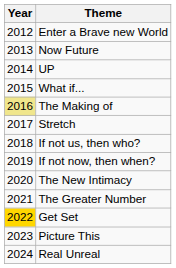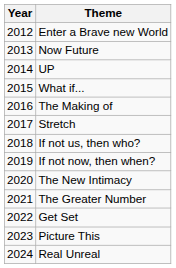 <table class="wikitable">
 <tr>
 <th>Year</th>
 <th>Theme</th>
 </tr>
 <tr>
 <td>2012</td>
 <td>Enter a Brave new World</td>
 </tr>
 <tr>
 <td>2013</td>
 <td>Now Future</td>
 </tr>
 <tr>
 <td>2014</td>
 <td>UP</td>
 </tr>
 <tr>
 <td>2015</td>
 <td>What if...</td>
 </tr>
 <tr>
-<td style="background: khaki;">2016</td>
+<td>2016</td>
 <td>The Making of</td>
 </tr>
 <tr>
 <td>2017</td>
 <td>Stretch</td>
 </tr>
 <tr>
 <td>2018</td>
 <td>If not us, then who?</td>
 </tr>
 <tr>
 <td>2019</td>
 <td>If not now, then when?</td>
 </tr>
 <tr>
 <td>2020</td>
 <td>The New Intimacy</td>
 </tr>
 <tr>
 <td>2021</td>
 <td>The Greater Number</td>
 </tr>
 <tr>
-<td style="background: gold;">2022</td>
+<td>2022</td>
 <td>Get Set</td>
 </tr>
 <tr>
 <td>2023</td>
 <td>Picture This</td>
 </tr>
 <tr>
 <td>2024</td>
 <td>Real Unreal</td>
 </tr>
 </table>
